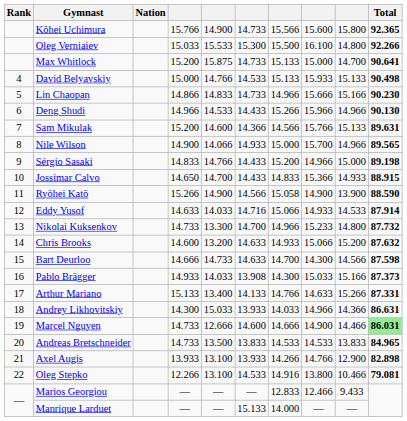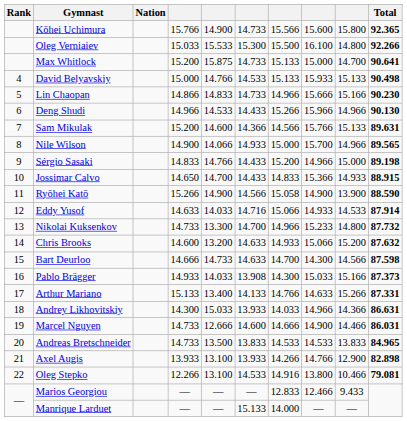 <table class="wikitable sortable" style="text-align:center">
 <tr>
 <th data-sort-type=number>Rank</th>
 <th>Gymnast</th>
 <th>Nation</th>
 <th></th>
 <th></th>
 <th></th>
 <th></th>
 <th></th>
 <th></th>
 <th>Total</th>
 </tr>
 <tr>
 <td></td>
 <td align=left><a href='#'>Kōhei Uchimura</a></td>
 <td align=left></td>
 <td>15.766</td>
 <td>14.900</td>
 <td>14.733</td>
 <td>15.566</td>
 <td>15.600</td>
 <td>15.800</td>
 <td><strong>92.365</strong></td>
 </tr>
 <tr>
 <td></td>
 <td align=left><a href='#'>Oleg Verniaiev</a></td>
 <td align=left></td>
 <td>15.033</td>
 <td>15.533</td>
 <td>15.300</td>
 <td>15.500</td>
 <td>16.100</td>
 <td>14.800</td>
 <td><strong>92.266</strong></td>
 </tr>
 <tr>
 <td></td>
 <td align=left><a href='#'>Max Whitlock</a></td>
 <td align=left></td>
 <td>15.200</td>
 <td>15.875</td>
 <td>14.733</td>
 <td>15.133</td>
 <td>15.000</td>
 <td>14.700</td>
 <td><strong>90.641</strong></td>
 </tr>
 <tr>
 <td>4</td>
 <td align=left><a href='#'>David Belyavskiy</a></td>
 <td align=left></td>
 <td>15.000</td>
 <td>14.766</td>
 <td>14.533</td>
 <td>15.133</td>
 <td>15.933</td>
 <td>15.133</td>
 <td><strong>90.498</strong></td>
 </tr>
 <tr>
 <td>5</td>
 <td align=left><a href='#'>Lin Chaopan</a></td>
 <td align=left></td>
 <td>14.866</td>
 <td>14.833</td>
 <td>14.733</td>
 <td>14.966</td>
 <td>15.666</td>
 <td>15.166</td>
 <td><strong>90.230</strong></td>
 </tr>
 <tr>
 <td>6</td>
 <td align=left><a href='#'>Deng Shudi</a></td>
 <td align=left></td>
 <td>14.966</td>
 <td>14.533</td>
 <td>14.433</td>
 <td>15.266</td>
 <td>15.966</td>
 <td>14.966</td>
 <td><strong>90.130</strong></td>
 </tr>
 <tr>
 <td>7</td>
 <td align=left><a href='#'>Sam Mikulak</a></td>
 <td align=left></td>
 <td>15.200</td>
 <td>14.600</td>
 <td>14.366</td>
 <td>14.566</td>
 <td>15.766</td>
 <td>15.133</td>
 <td><strong>89.631</strong></td>
 </tr>
 <tr>
 <td>8</td>
 <td align=left><a href='#'>Nile Wilson</a></td>
 <td align=left></td>
 <td>14.900</td>
 <td>14.066</td>
 <td>14.933</td>
 <td>15.000</td>
 <td>15.700</td>
 <td>14.966</td>
 <td><strong>89.565</strong></td>
 </tr>
 <tr>
 <td>9</td>
 <td align=left><a href='#'>Sérgio Sasaki</a></td>
 <td align=left></td>
 <td>14.833</td>
 <td>14.766</td>
 <td>14.433</td>
 <td>15.200</td>
 <td>14.966</td>
 <td>15.000</td>
 <td><strong>89.198</strong></td>
 </tr>
 <tr>
 <td>10</td>
 <td align=left><a href='#'>Jossimar Calvo</a></td>
 <td align=left></td>
 <td>14.650</td>
 <td>14.700</td>
 <td>14.433</td>
 <td>14.833</td>
 <td>15.366</td>
 <td>14.933</td>
 <td><strong>88.915</strong></td>
 </tr>
 <tr>
 <td>11</td>
 <td align=left><a href='#'>Ryōhei Katō</a></td>
 <td align=left></td>
 <td>15.266</td>
 <td>14.900</td>
 <td>14.566</td>
 <td>15.058</td>
 <td>14.900</td>
 <td>13.900</td>
 <td><strong>88.590</strong></td>
 </tr>
 <tr>
 <td>12</td>
 <td align=left><a href='#'>Eddy Yusof</a></td>
 <td align=left></td>
 <td>14.633</td>
 <td>14.033</td>
 <td>14.716</td>
 <td>15.066</td>
 <td>14.933</td>
 <td>14.533</td>
 <td><strong>87.914</strong></td>
 </tr>
 <tr>
 <td>13</td>
 <td align=left><a href='#'>Nikolai Kuksenkov</a></td>
 <td align=left></td>
 <td>14.733</td>
 <td>13.300</td>
 <td>14.700</td>
 <td>14.966</td>
 <td>15.233</td>
 <td>14.800</td>
 <td><strong>87.732</strong></td>
 </tr>
 <tr>
 <td>14</td>
 <td align=left><a href='#'>Chris Brooks</a></td>
 <td align=left></td>
 <td>14.600</td>
 <td>13.200</td>
 <td>14.633</td>
 <td>14.933</td>
 <td>15.066</td>
 <td>15.200</td>
 <td><strong>87.632</strong></td>
 </tr>
 <tr>
 <td>15</td>
 <td align=left><a href='#'>Bart Deurloo</a></td>
 <td align=left></td>
 <td>14.666</td>
 <td>14.733</td>
 <td>14.633</td>
 <td>14.700</td>
 <td>14.300</td>
 <td>14.566</td>
 <td><strong>87.598</strong></td>
 </tr>
 <tr>
 <td>16</td>
 <td align=left><a href='#'>Pablo Brägger</a></td>
 <td align=left></td>
 <td>14.933</td>
 <td>14.033</td>
 <td>13.908</td>
 <td>14.300</td>
 <td>15.033</td>
 <td>15.166</td>
 <td><strong>87.373</strong></td>
 </tr>
 <tr>
 <td>17</td>
 <td align=left><a href='#'>Arthur Mariano</a></td>
 <td align=left></td>
 <td>15.133</td>
 <td>13.400</td>
 <td>14.133</td>
 <td>14.766</td>
 <td>14.633</td>
 <td>15.266</td>
 <td><strong>87.331</strong></td>
 </tr>
 <tr>
 <td>18</td>
 <td align=left><a href='#'>Andrey Likhovitskiy</a></td>
 <td align=left></td>
 <td>14.300</td>
 <td>15.033</td>
 <td>13.933</td>
 <td>14.033</td>
 <td>14.966</td>
 <td>14.366</td>
 <td><strong>86.631</strong></td>
 </tr>
 <tr>
 <td>19</td>
 <td align=left><a href='#'>Marcel Nguyen</a></td>
 <td align=left></td>
 <td>14.733</td>
 <td>12.666</td>
 <td>14.600</td>
 <td>14.666</td>
 <td>14.900</td>
 <td>14.466</td>
-<td style="background: lightgreen;"><strong>86.031</strong></td>
+<td><strong>86.031</strong></td>
 </tr>
 <tr>
 <td>20</td>
 <td align=left><a href='#'>Andreas Bretschneider</a></td>
 <td align=left></td>
 <td>14.733</td>
 <td>13.500</td>
 <td>13.833</td>
 <td>14.533</td>
 <td>14.533</td>
 <td>13.833</td>
 <td><strong>84.965</strong></td>
 </tr>
 <tr>
 <td>21</td>
 <td align=left><a href='#'>Axel Augis</a></td>
 <td align=left></td>
 <td>13.933</td>
 <td>13.100</td>
 <td>13.933</td>
 <td>14.266</td>
 <td>14.766</td>
 <td>12.900</td>
 <td><strong>82.898</strong></td>
 </tr>
 <tr>
 <td>22</td>
 <td align=left><a href='#'>Oleg Stepko</a></td>
 <td align=left></td>
 <td>12.266</td>
 <td>13.100</td>
 <td>14.533</td>
 <td>14.916</td>
 <td>13.800</td>
 <td>10.466</td>
 <td><strong>79.081</strong></td>
 </tr>
 <tr>
 <td rowspan=2 data-sort-value=23>—</td>
 <td align=left><a href='#'>Marios Georgiou</a></td>
 <td align=left></td>
 <td>—</td>
 <td>—</td>
 <td>—</td>
 <td>12.833</td>
 <td>12.466</td>
 <td>9.433</td>
 <td rowspan="2"></td>
 </tr>
 <tr>
 <td align=left><a href='#'>Manrique Larduet</a></td>
 <td align=left></td>
 <td>—</td>
 <td>—</td>
 <td>15.133</td>
 <td>14.000</td>
 <td>—</td>
 <td>—</td>
 </tr>
 </table>
